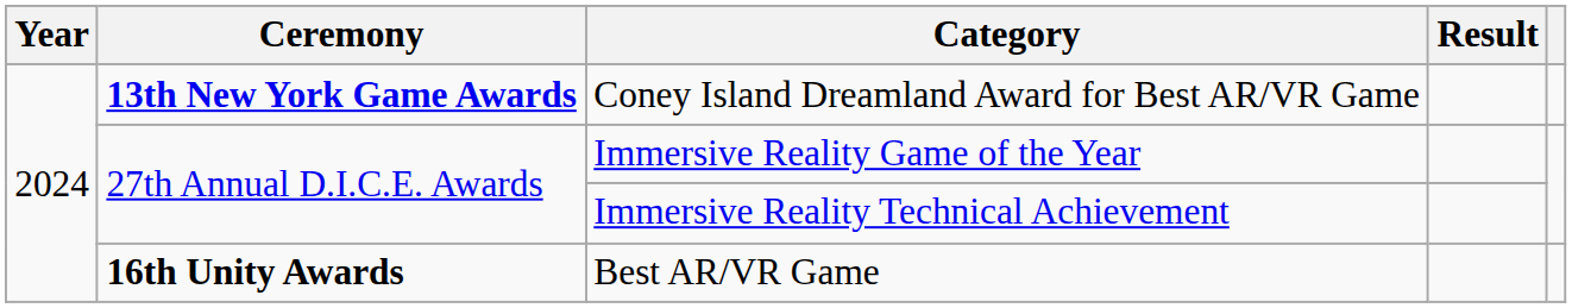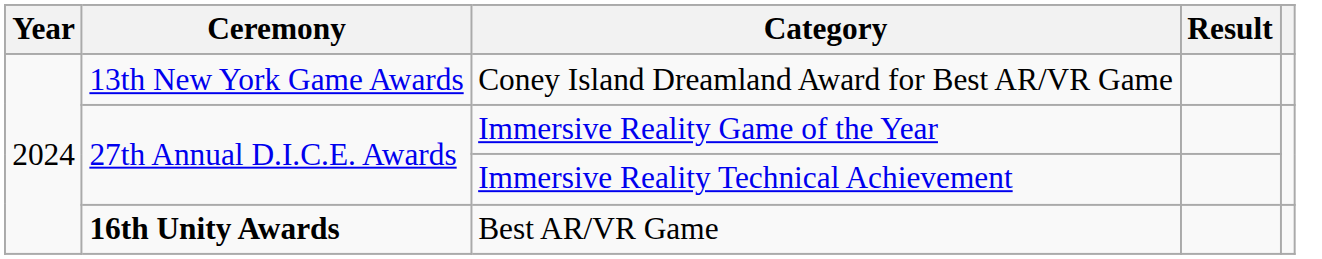 <table class="wikitable plainrowheaders sortable" width="auto">
 <tr>
 <th scope="col">Year</th>
 <th scope="col">Ceremony</th>
 <th scope="col">Category</th>
 <th scope="col">Result</th>
 <th scope="col" class="unsortable"></th>
 </tr>
 <tr>
 <td rowspan="4" style="text-align:center;">2024</td>
-<td><strong><a href='#'>13th New York Game Awards</a></strong></td>
+<td><a href='#'>13th New York Game Awards</a></td>
 <td>Coney Island Dreamland Award for Best AR/VR Game</td>
 <td></td>
 <td rowspan="1"></td>
 </tr>
 <tr>
 <td rowspan="2"><a href='#'>27th Annual D.I.C.E. Awards</a></td>
 <td><a href='#'>Immersive Reality Game of the Year</a></td>
 <td></td>
 <td style="text-align:center;" rowspan="2"></td>
 </tr>
 <tr>
 <td><a href='#'>Immersive Reality Technical Achievement</a></td>
 <td></td>
 </tr>
 <tr>
 <td><strong>16th Unity Awards</strong></td>
 <td>Best AR/VR Game</td>
 <td></td>
 <td></td>
 </tr>
 </table>
